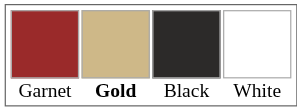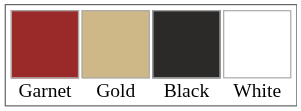 <table style="float:right; border:1px solid #666; padding:2px;">
 <tr>
 <td style="background:#9A2A2A;width:50px; height:50px; padding:2px; border:1px solid #aaa;"> </td>
 <td style="background:#CEB888; width:50px; height:50px; padding:2px; border:1px solid #aaa;"> </td>
 <td style="background:#2C2A29; width:50px; height:50px; padding:2px; border:1px solid #aaa;"> </td>
 <td style="background:#FFFFFF; width:50px; height:50px; padding:2px; border:1px solid #aaa;"> </td>
 </tr>
 <tr style="line-height:90%; text-align:center;">
 <td>Garnet</td>
-<td><strong>Gold</strong></td>
+<td>Gold</td>
 <td>Black</td>
 <td>White</td>
 </tr>
 </table>
